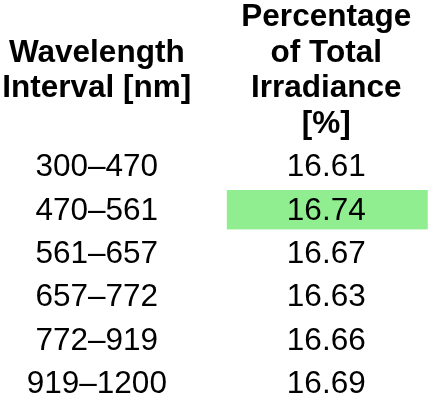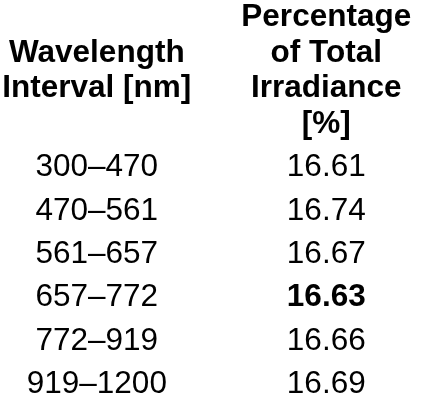 <table border="0" align="center">
 <tr>
 <th width="125">Wavelength Interval [nm]</th>
 <th width="100">Percentage of Total Irradiance [%]</th>
 </tr>
 <tr align="center">
 <td>300–470</td>
 <td>16.61</td>
 </tr>
 <tr align="center">
 <td>470–561</td>
-<td style="background: lightgreen;">16.74</td>
+<td>16.74</td>
 </tr>
 <tr align="center">
 <td>561–657</td>
 <td>16.67</td>
 </tr>
 <tr align="center">
 <td>657–772</td>
-<td>16.63</td>
+<td><strong>16.63</strong></td>
 </tr>
 <tr align="center">
 <td>772–919</td>
 <td>16.66</td>
 </tr>
 <tr align="center">
 <td>919–1200</td>
 <td>16.69</td>
 </tr>
 </table>
